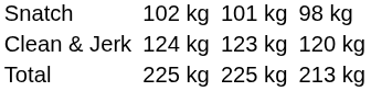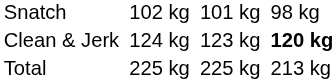 <table>
 <tr>
 <td>Snatch</td>
 <td></td>
 <td>102 kg</td>
 <td></td>
 <td>101 kg</td>
 <td></td>
 <td>98 kg</td>
 </tr>
 <tr>
 <td>Clean & Jerk</td>
 <td></td>
 <td>124 kg</td>
 <td></td>
 <td>123 kg</td>
 <td></td>
-<td>120 kg</td>
+<td><strong>120 kg</strong></td>
 </tr>
 <tr>
 <td>Total</td>
 <td></td>
 <td>225 kg</td>
 <td></td>
 <td>225 kg</td>
 <td></td>
 <td>213 kg</td>
 </tr>
 </table>
